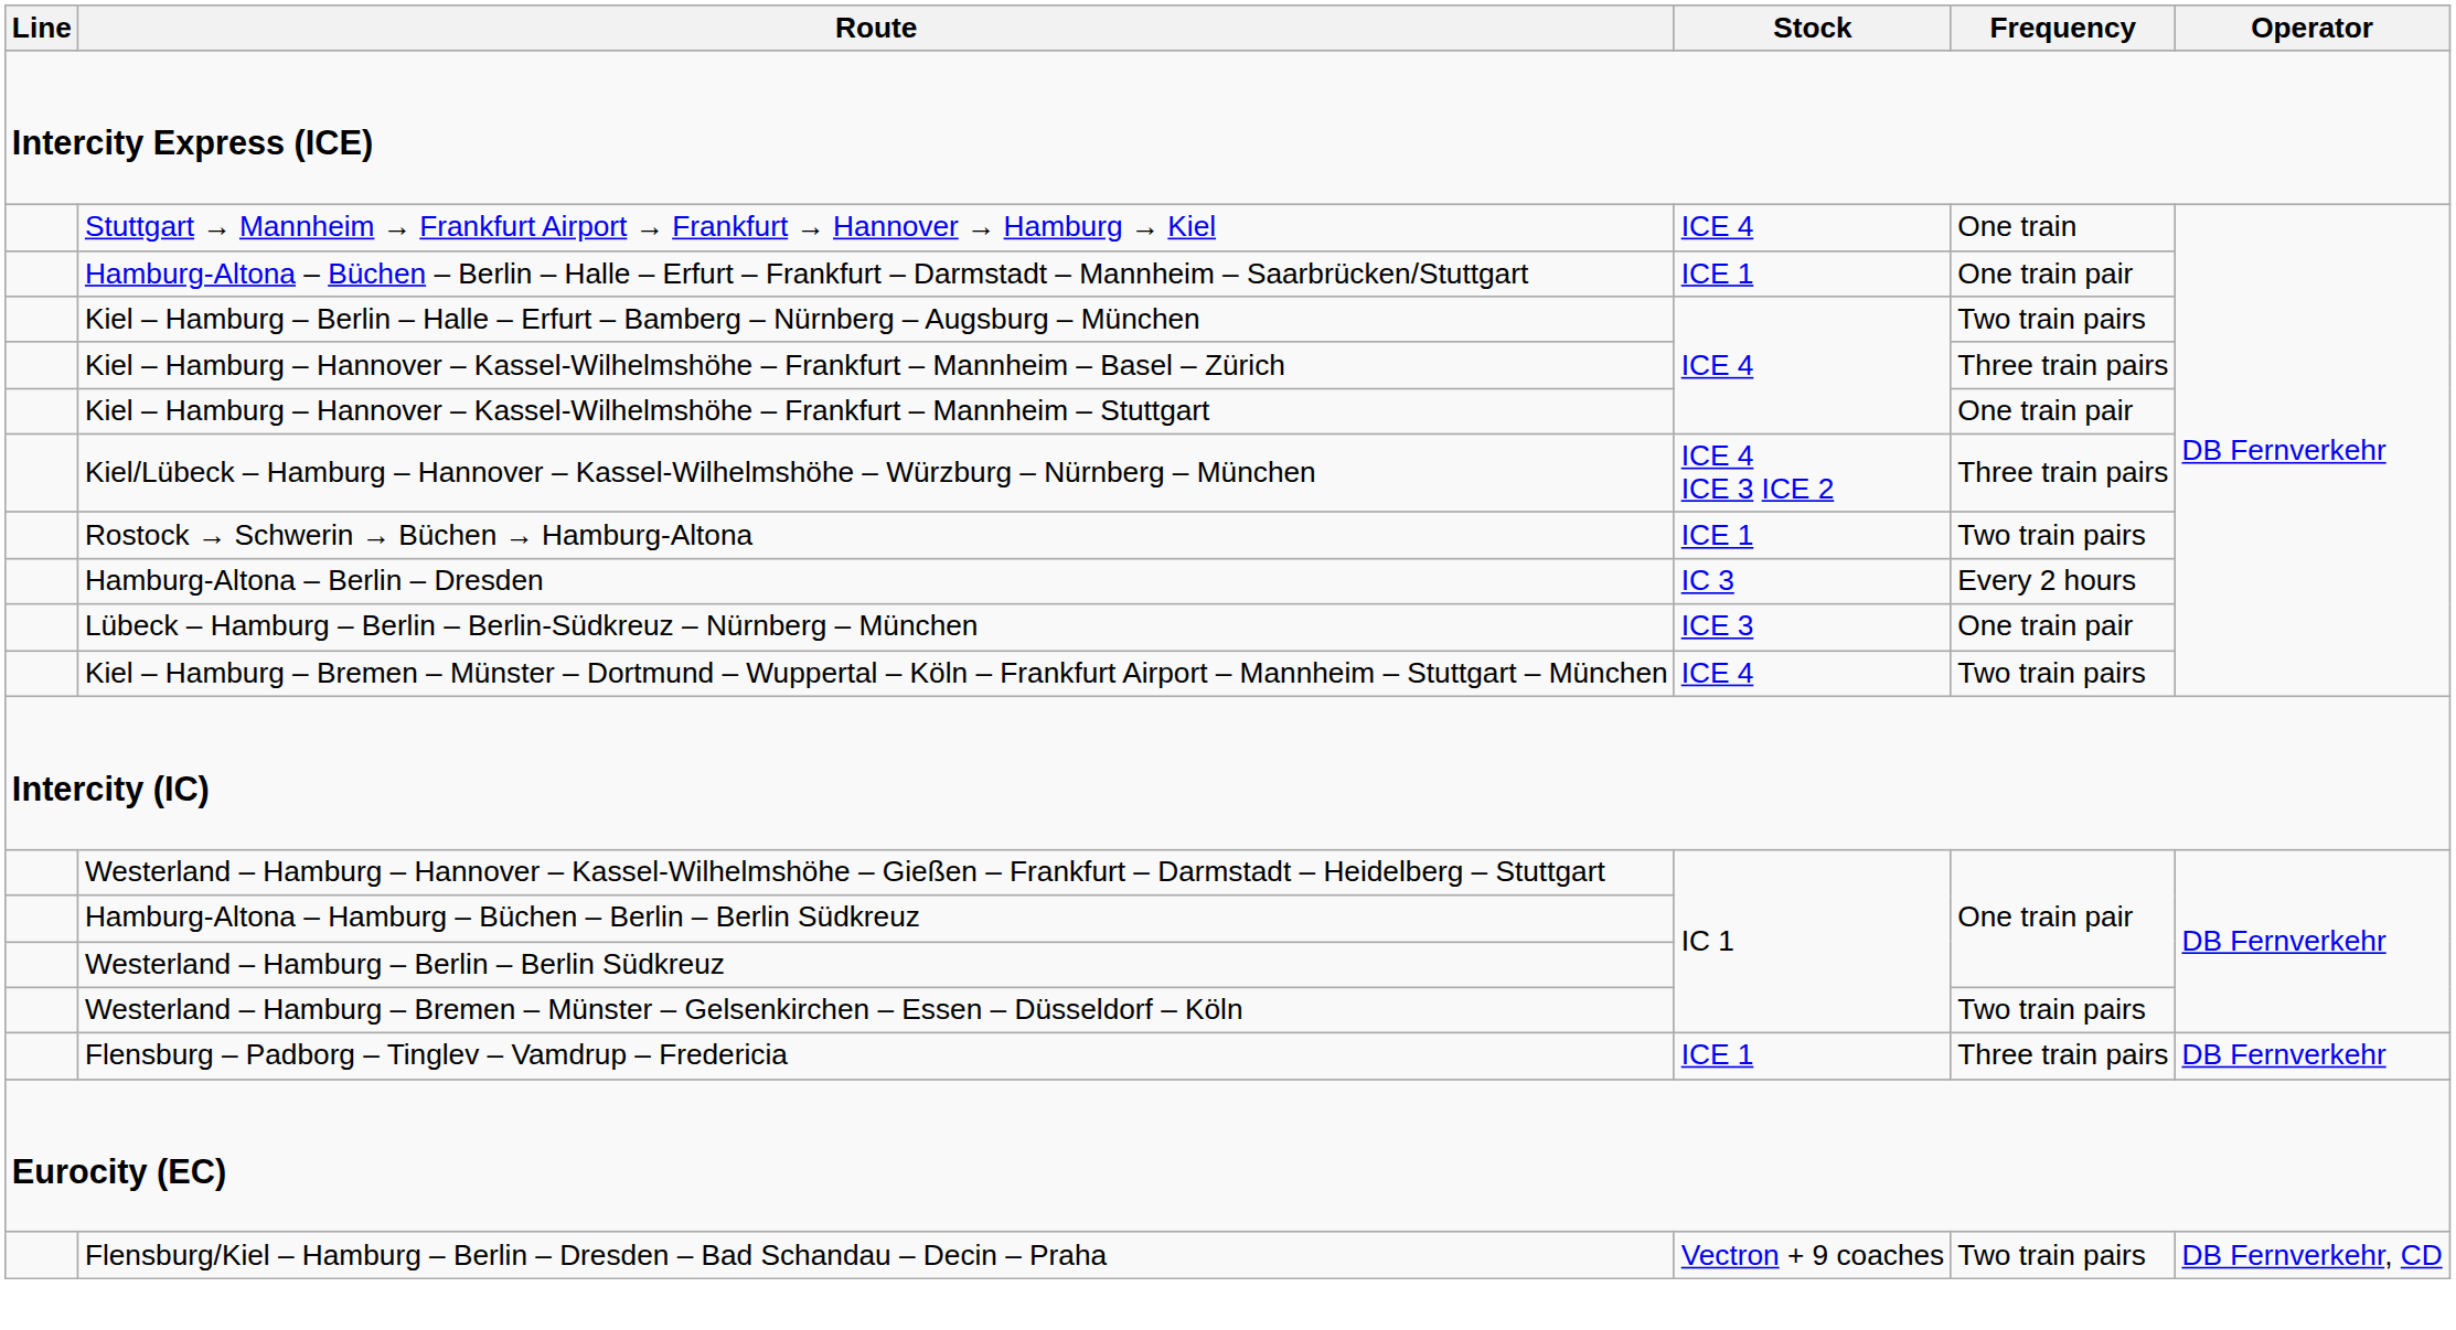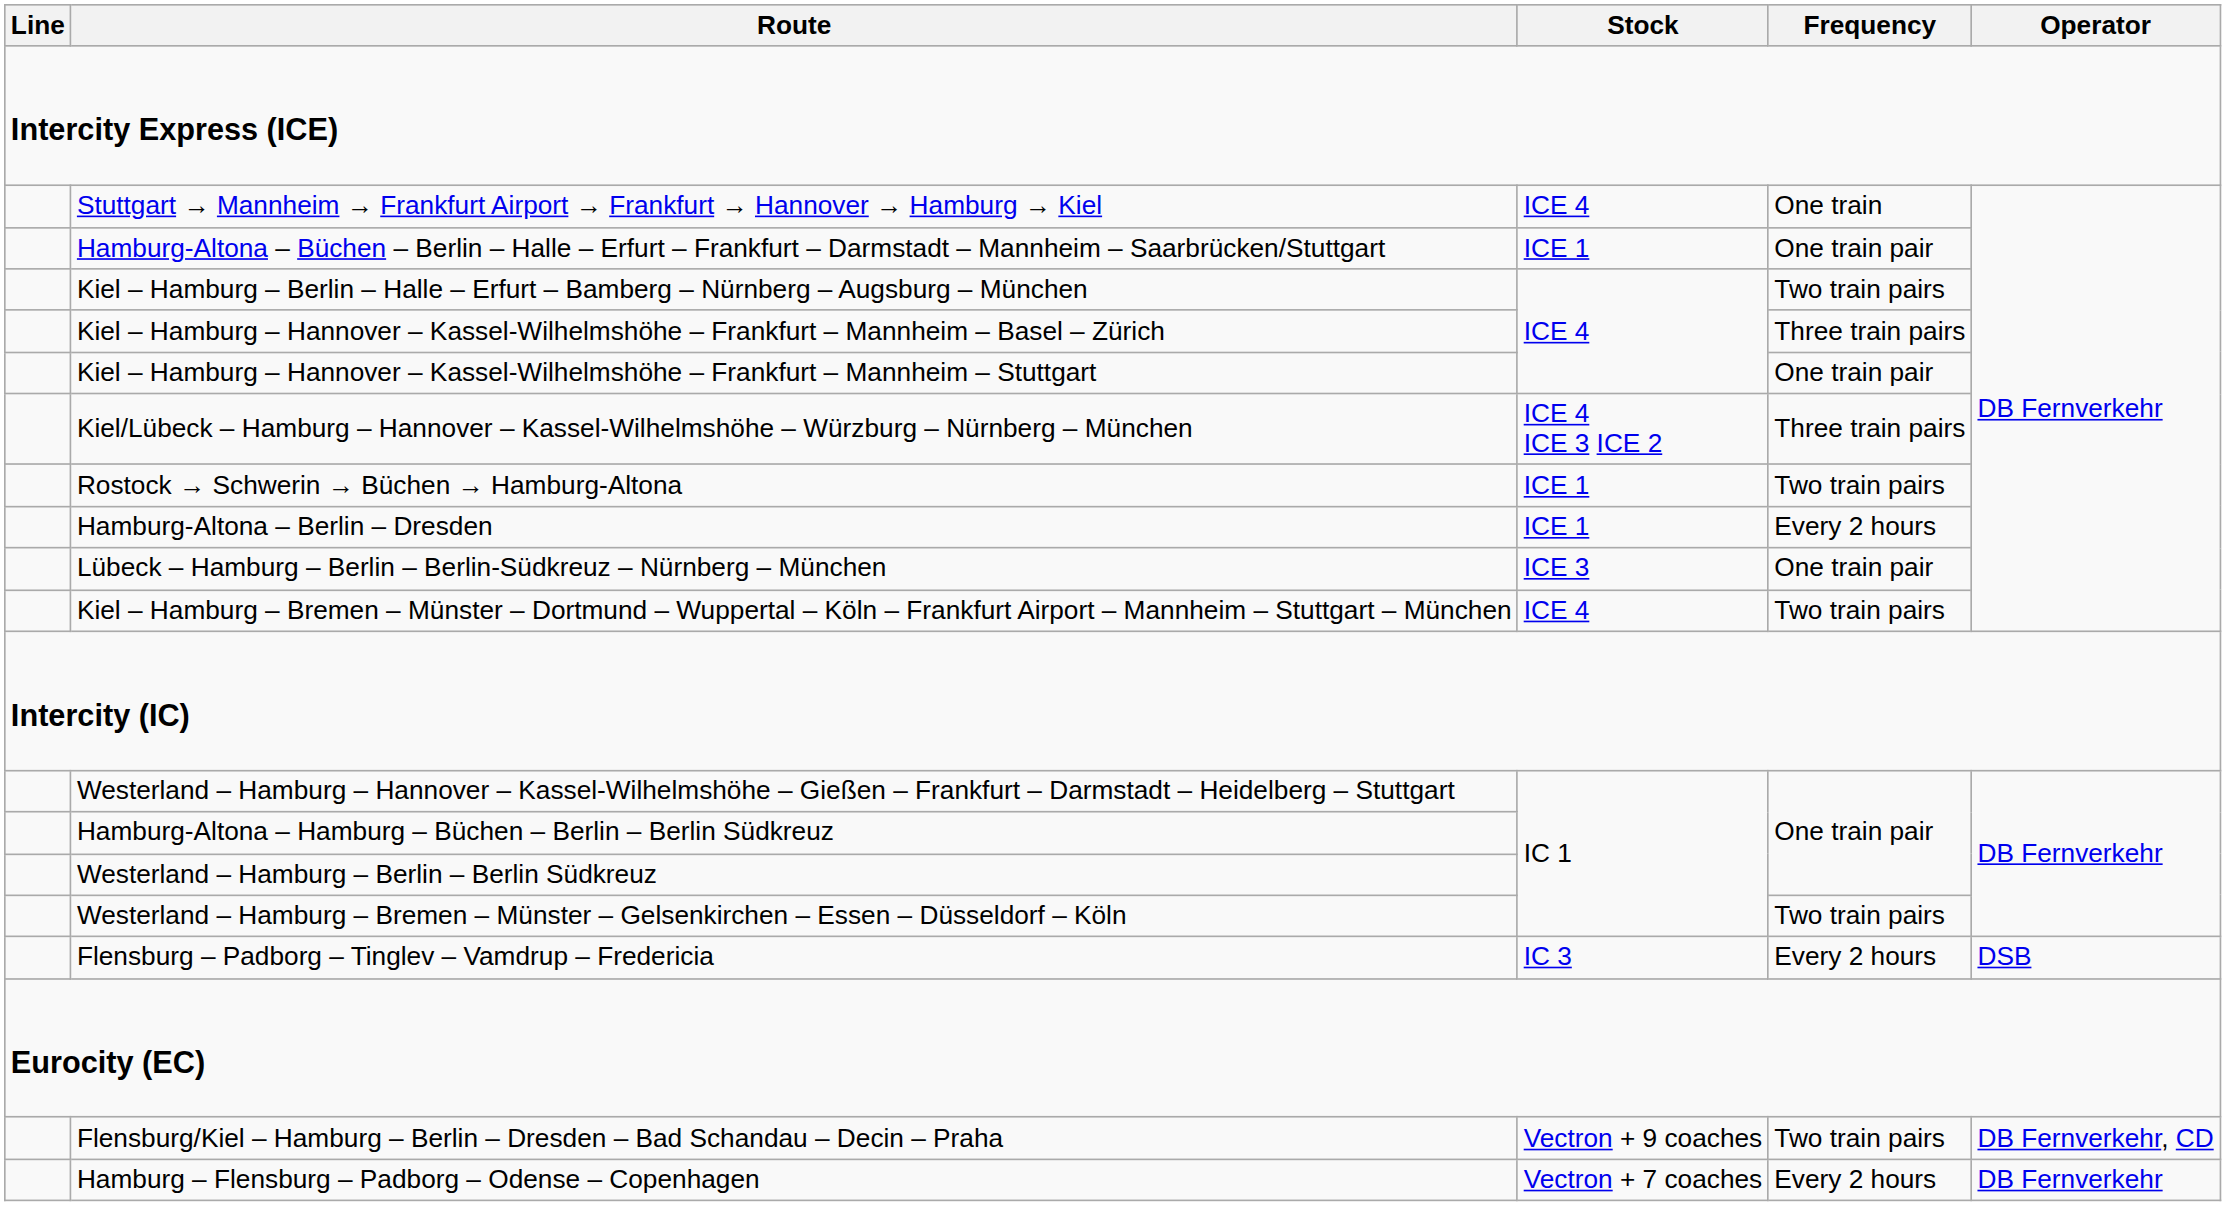 <table class="wikitable">
 <tr>
 <th>Line</th>
 <th>Route</th>
 <th>Stock</th>
 <th>Frequency</th>
 <th>Operator</th>
 </tr>
 <tr>
 <td colspan="5"><br><h3>Intercity Express (ICE)</h3></td>
 </tr>
 <tr>
 <td></td>
 <td><a href='#'>Stuttgart</a> → <a href='#'>Mannheim</a> → <a href='#'>Frankfurt Airport</a> → <a href='#'>Frankfurt</a> → <a href='#'>Hannover</a> → <a href='#'>Hamburg</a> → <a href='#'>Kiel</a></td>
 <td><a href='#'>ICE 4</a></td>
 <td>One train</td>
 <td rowspan="10"><a href='#'>DB Fernverkehr</a></td>
 </tr>
 <tr>
 <td></td>
 <td><a href='#'>Hamburg-Altona</a> – <a href='#'>Büchen</a> – Berlin – Halle – Erfurt – Frankfurt – Darmstadt – Mannheim – Saarbrücken/Stuttgart</td>
 <td><a href='#'>ICE 1</a></td>
 <td>One train pair</td>
 </tr>
 <tr>
 <td></td>
 <td>Kiel – Hamburg – Berlin – Halle – Erfurt – Bamberg – Nürnberg – Augsburg – München</td>
 <td rowspan="3"><a href='#'>ICE 4</a></td>
 <td>Two train pairs</td>
 </tr>
 <tr>
 <td></td>
 <td>Kiel – Hamburg – Hannover – Kassel-Wilhelmshöhe – Frankfurt – Mannheim – Basel – Zürich</td>
 <td>Three train pairs</td>
 </tr>
 <tr>
 <td></td>
 <td>Kiel – Hamburg – Hannover – Kassel-Wilhelmshöhe – Frankfurt – Mannheim – Stuttgart</td>
 <td>One train pair</td>
 </tr>
 <tr>
 <td></td>
 <td>Kiel/Lübeck – Hamburg – Hannover – Kassel-Wilhelmshöhe – Würzburg – Nürnberg – München</td>
 <td><a href='#'>ICE 4</a><br><a href='#'>ICE 3</a> <a href='#'>ICE 2</a></td>
 <td>Three train pairs</td>
 </tr>
 <tr>
 <td></td>
 <td>Rostock → Schwerin → Büchen → Hamburg-Altona</td>
 <td><a href='#'>ICE 1</a></td>
 <td>Two train pairs</td>
 </tr>
 <tr>
 <td></td>
 <td>Hamburg-Altona – Berlin – Dresden</td>
-<td><a href='#'>IC 3</a></td>
+<td><a href='#'>ICE 1</a></td>
 <td>Every 2 hours</td>
 </tr>
 <tr>
 <td></td>
 <td>Lübeck – Hamburg – Berlin – Berlin-Südkreuz – Nürnberg – München</td>
 <td><a href='#'>ICE 3</a></td>
 <td>One train pair</td>
 </tr>
 <tr>
 <td></td>
 <td>Kiel – Hamburg – Bremen – Münster – Dortmund – Wuppertal – Köln – Frankfurt Airport – Mannheim – Stuttgart – München</td>
 <td><a href='#'>ICE 4</a></td>
 <td>Two train pairs</td>
 </tr>
 <tr>
 <td colspan="5"><br><h3>Intercity (IC)</h3></td>
 </tr>
 <tr>
 <td></td>
 <td>Westerland – Hamburg – Hannover – Kassel-Wilhelmshöhe – Gießen – Frankfurt – Darmstadt – Heidelberg – Stuttgart</td>
 <td rowspan="4">IC 1</td>
 <td rowspan="3">One train pair</td>
 <td rowspan="4"><a href='#'>DB Fernverkehr</a></td>
 </tr>
 <tr>
 <td></td>
 <td>Hamburg-Altona – Hamburg – Büchen – Berlin – Berlin Südkreuz</td>
 </tr>
 <tr>
 <td></td>
 <td>Westerland – Hamburg – Berlin – Berlin Südkreuz</td>
 </tr>
 <tr>
 <td></td>
 <td>Westerland – Hamburg – Bremen – Münster – Gelsenkirchen – Essen – Düsseldorf – Köln</td>
 <td>Two train pairs</td>
 </tr>
 <tr>
 <td></td>
 <td>Flensburg – Padborg – Tinglev – Vamdrup – Fredericia</td>
-<td><a href='#'>ICE 1</a></td>
-<td>Three train pairs</td>
-<td><a href='#'>DB Fernverkehr</a></td>
+<td><a href='#'>IC 3</a></td>
+<td>Every 2 hours</td>
+<td><a href='#'>DSB</a></td>
 </tr>
 <tr>
 <td colspan="5"><br><h3>Eurocity (EC)</h3></td>
 </tr>
 <tr>
 <td></td>
 <td>Flensburg/Kiel – Hamburg – Berlin – Dresden – Bad Schandau – Decin – Praha</td>
 <td><a href='#'>Vectron</a> + 9 coaches</td>
 <td>Two train pairs</td>
 <td><a href='#'>DB Fernverkehr</a>, <a href='#'>CD</a></td>
 </tr>
+<tr>
+<td></td>
+<td rowspan="1">Hamburg – Flensburg – Padborg – Odense – Copenhagen</td>
+<td><a href='#'>Vectron</a> + 7 coaches</td>
+<td>Every 2 hours</td>
+<td><a href='#'>DB Fernverkehr</a></td>
+</tr>
 </table>
